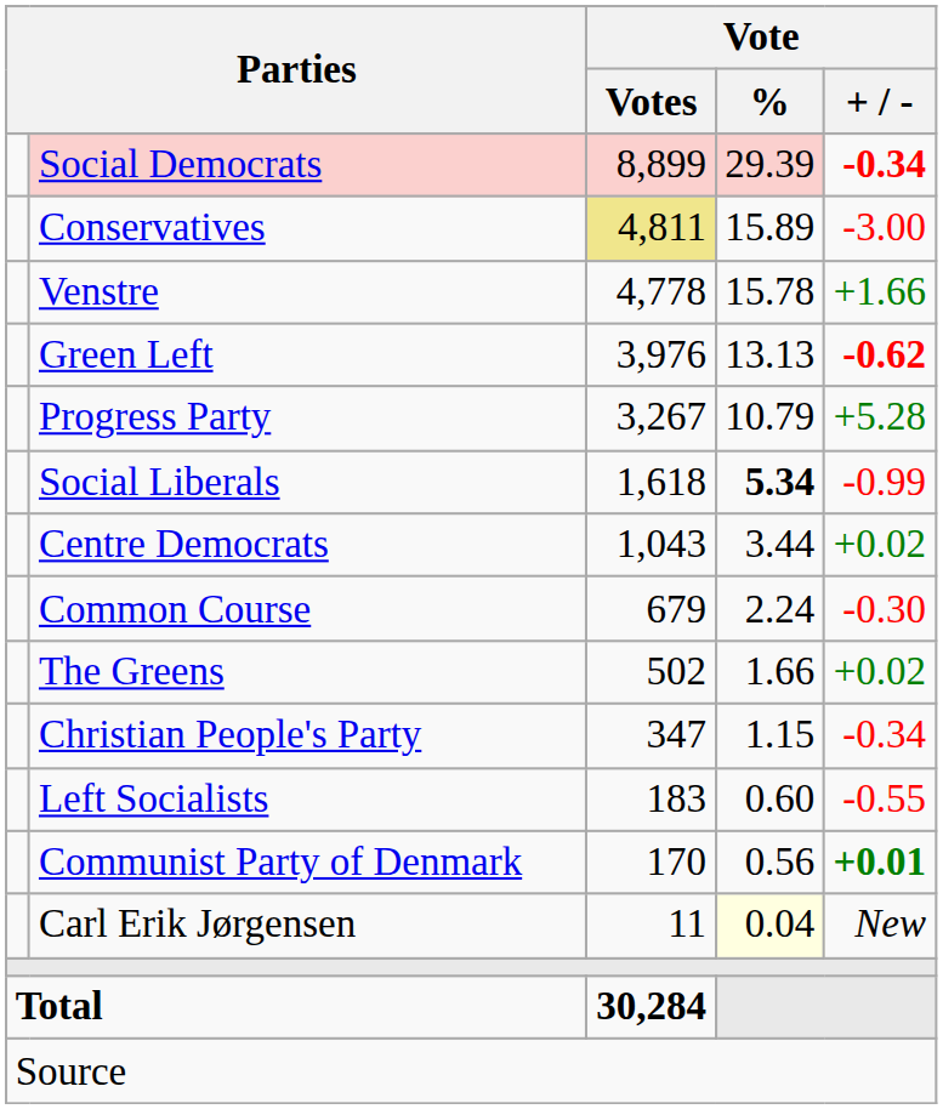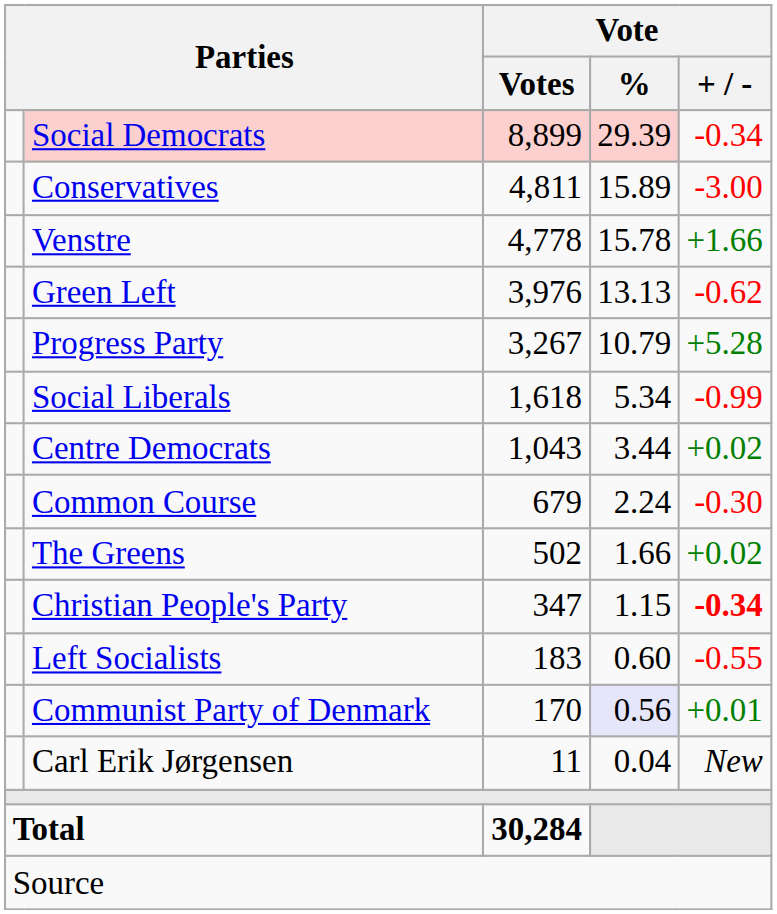 <table class="wikitable" style="text-align:right;">
 <tr>
 <th style="text-align:centre;" rowspan="2" colspan="2" width="225">Parties</th>
 <th colspan="3">Vote</th>
 </tr>
 <tr>
 <th width="15">Votes</th>
 <th width="15">%</th>
 <th width="15">+ / -</th>
 </tr>
 <tr>
 <td width="2" style="color:inherit;background:"></td>
 <td bgcolor=#fbd0ce  align="left"><a href='#'>Social Democrats</a></td>
 <td bgcolor=#fbd0ce>8,899</td>
 <td bgcolor=#fbd0ce>29.39</td>
-<td style=color:red;><strong>-0.34</strong></td>
+<td style=color:red;>-0.34</td>
 </tr>
 <tr>
 <td width="2" style="color:inherit;background:"></td>
 <td align="left"><a href='#'>Conservatives</a></td>
-<td style="background: khaki;">4,811</td>
+<td>4,811</td>
 <td>15.89</td>
 <td style=color:red;>-3.00</td>
 </tr>
 <tr>
 <td width="2" style="color:inherit;background:"></td>
 <td align="left"><a href='#'>Venstre</a></td>
 <td>4,778</td>
 <td>15.78</td>
 <td style=color:green;>+1.66</td>
 </tr>
 <tr>
 <td width="2" style="color:inherit;background:"></td>
 <td align="left"><a href='#'>Green Left</a></td>
 <td>3,976</td>
 <td>13.13</td>
-<td style=color:red;><strong>-0.62</strong></td>
+<td style=color:red;>-0.62</td>
 </tr>
 <tr>
 <td width="2" style="color:inherit;background:"></td>
 <td align="left"><a href='#'>Progress Party</a></td>
 <td>3,267</td>
 <td>10.79</td>
 <td style=color:green;>+5.28</td>
 </tr>
 <tr>
 <td width="2" style="color:inherit;background:"></td>
 <td align="left"><a href='#'>Social Liberals</a></td>
 <td>1,618</td>
-<td><strong>5.34</strong></td>
+<td>5.34</td>
 <td style=color:red;>-0.99</td>
 </tr>
 <tr>
 <td width="2" style="color:inherit;background:"></td>
 <td align="left"><a href='#'>Centre Democrats</a></td>
 <td>1,043</td>
 <td>3.44</td>
 <td style=color:green;>+0.02</td>
 </tr>
 <tr>
 <td width="2" style="color:inherit;background:"></td>
 <td align="left"><a href='#'>Common Course</a></td>
 <td>679</td>
 <td>2.24</td>
 <td style=color:red;>-0.30</td>
 </tr>
 <tr>
 <td width="2" style="color:inherit;background:"></td>
 <td align="left"><a href='#'>The Greens</a></td>
 <td>502</td>
 <td>1.66</td>
 <td style=color:green;>+0.02</td>
 </tr>
 <tr>
 <td width="2" style="color:inherit;background:"></td>
 <td align="left"><a href='#'>Christian People's Party</a></td>
 <td>347</td>
 <td>1.15</td>
-<td style=color:red;>-0.34</td>
+<td style=color:red;><strong>-0.34</strong></td>
 </tr>
 <tr>
 <td width="2" style="color:inherit;background:"></td>
 <td align="left"><a href='#'>Left Socialists</a></td>
 <td>183</td>
 <td>0.60</td>
 <td style=color:red;>-0.55</td>
 </tr>
 <tr>
 <td width="2" style="color:inherit;background:"></td>
 <td align="left"><a href='#'>Communist Party of Denmark</a></td>
 <td>170</td>
-<td>0.56</td>
-<td style=color:green;><strong>+0.01</strong></td>
+<td style="background: lavender;">0.56</td>
+<td style=color:green;>+0.01</td>
 </tr>
 <tr>
 <td width="2" style="color:inherit;background:"></td>
 <td align="left">Carl Erik Jørgensen</td>
 <td>11</td>
-<td style="background: lightyellow;">0.04</td>
+<td>0.04</td>
 <td><em>New</em></td>
 </tr>
 <tr>
 <td colspan="7" bgcolor="#E9E9E9"></td>
 </tr>
 <tr>
 <td align="left" colspan="2"><strong>Total</strong></td>
 <td><strong>30,284</strong></td>
 <td bgcolor="#E9E9E9" colspan="2"></td>
 </tr>
 <tr>
 <td align="left" colspan="6">Source</td>
 </tr>
 </table>
